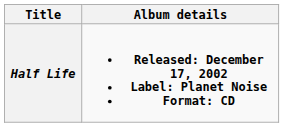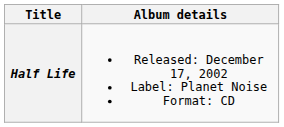 <table class="wikitable plainrowheaders" style="text-align:center;">
 <tr>
 <th scope="col" style="width:6em;">Title</th>
 <th scope="col" style="width:16em;">Album details</th>
 </tr>
 <tr>
 <th scope="row"><em>Half Life</em></th>
-<td><strong><br><ul><li>Released: December 17, 2002</li><li>Label: Planet Noise</li><li>Format: CD</li></ul></strong></td>
+<td><br><ul><li>Released: December 17, 2002</li><li>Label: Planet Noise</li><li>Format: CD</li></ul></td>
 </tr>
 </table>
